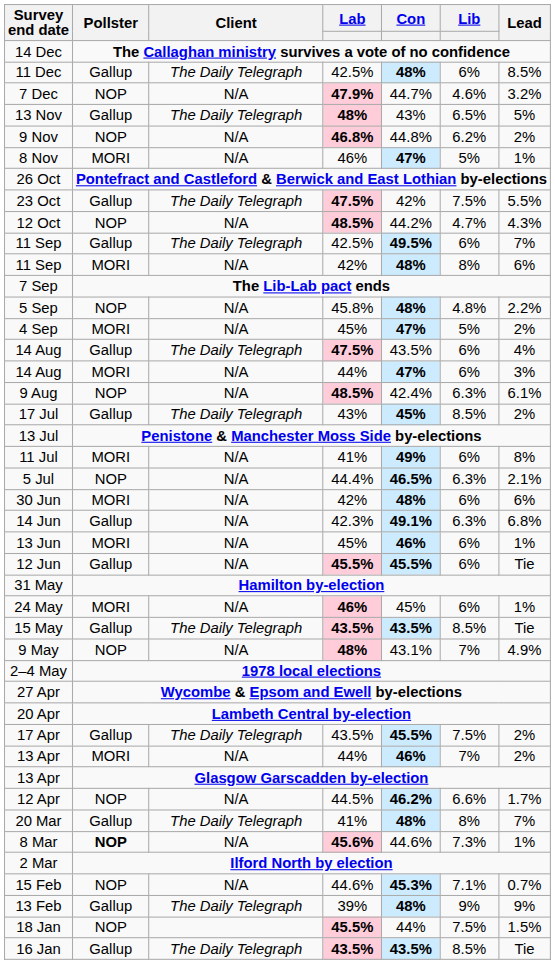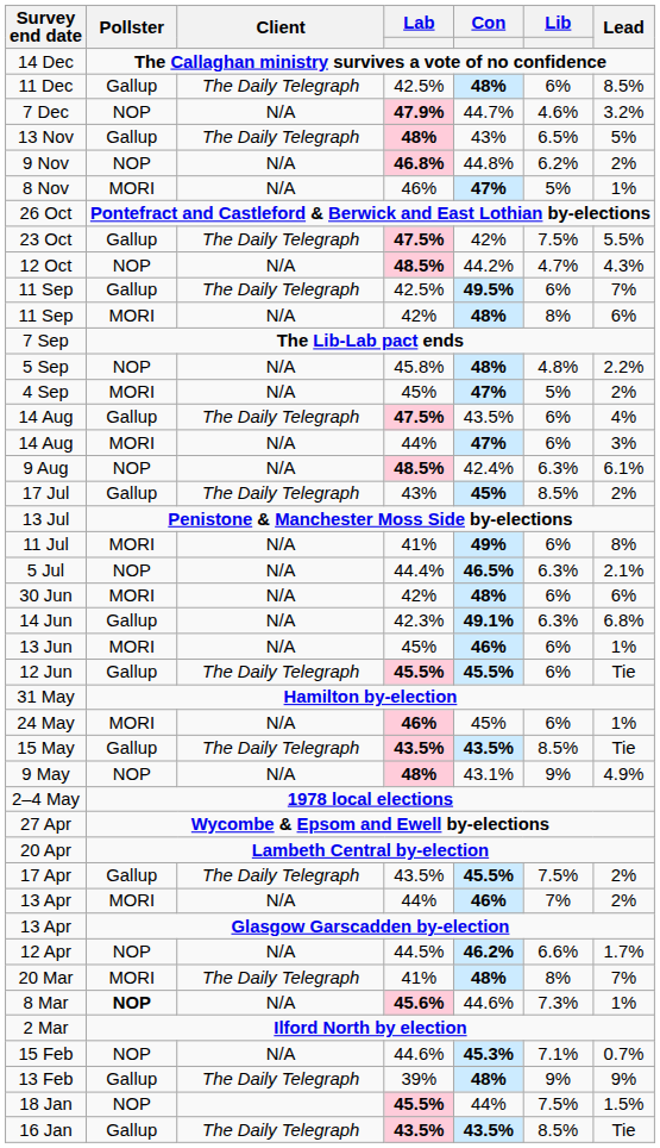 <table class="wikitable sortable mw-datatable" style="text-align:center;font-size:90%;line-height:14px;">
 <tr>
 <th rowspan="2">Survey<br>end date</th>
 <th rowspan="2">Pollster</th>
 <th rowspan="2">Client</th>
 <th class="unsortable" style="width:50px;"><a href='#'>Lab</a></th>
 <th class="unsortable" style="width:50px;"><a href='#'>Con</a></th>
 <th class="unsortable" style="width:50px;"><a href='#'>Lib</a></th>
 <th rowspan="2">Lead</th>
 </tr>
 <tr>
 <th style="background:"></th>
 <th style="background:"></th>
 <th style="background:"></th>
 </tr>
 <tr>
 <td>14 Dec</td>
 <td colspan="6"><strong>The <a href='#'>Callaghan ministry</a> survives a vote of no confidence</strong></td>
 </tr>
 <tr>
 <td>11 Dec</td>
 <td>Gallup</td>
 <td><em>The Daily Telegraph</em></td>
 <td>42.5%</td>
 <td style="background:#CCEBFF;"><strong>48%</strong></td>
 <td>6%</td>
 <td style="background:">8.5%</td>
 </tr>
 <tr>
 <td>7 Dec</td>
 <td>NOP</td>
 <td>N/A</td>
 <td style="background:#FFCCDA;"><strong>47.9%</strong></td>
 <td>44.7%</td>
 <td>4.6%</td>
 <td style="background:">3.2%</td>
 </tr>
 <tr>
 <td>13 Nov</td>
 <td>Gallup</td>
 <td><em>The Daily Telegraph</em></td>
 <td style="background:#FFCCDA;"><strong>48%</strong></td>
 <td>43%</td>
 <td>6.5%</td>
 <td style="background:">5%</td>
 </tr>
 <tr>
 <td>9 Nov</td>
 <td>NOP</td>
 <td>N/A</td>
 <td style="background:#FFCCDA;"><strong>46.8%</strong></td>
 <td>44.8%</td>
 <td>6.2%</td>
 <td style="background:">2%</td>
 </tr>
 <tr>
 <td>8 Nov</td>
 <td>MORI</td>
 <td>N/A</td>
 <td>46%</td>
 <td style="background:#CCEBFF;"><strong>47%</strong></td>
 <td>5%</td>
 <td style="background:">1%</td>
 </tr>
 <tr>
 <td>26 Oct</td>
 <td colspan="6"><strong><a href='#'>Pontefract and Castleford</a> & <a href='#'>Berwick and East Lothian</a> by-elections</strong></td>
 </tr>
 <tr>
 <td>23 Oct</td>
 <td>Gallup</td>
 <td><em>The Daily Telegraph</em></td>
 <td style="background:#FFCCDA;"><strong>47.5%</strong></td>
 <td>42%</td>
 <td>7.5%</td>
 <td style="background:">5.5%</td>
 </tr>
 <tr>
 <td>12 Oct</td>
 <td>NOP</td>
 <td>N/A</td>
 <td style="background:#FFCCDA;"><strong>48.5%</strong></td>
 <td>44.2%</td>
 <td>4.7%</td>
 <td style="background:">4.3%</td>
 </tr>
 <tr>
 <td>11 Sep</td>
 <td>Gallup</td>
 <td><em>The Daily Telegraph</em></td>
 <td>42.5%</td>
 <td style="background:#CCEBFF;"><strong>49.5%</strong></td>
 <td>6%</td>
 <td style="background:">7%</td>
 </tr>
 <tr>
 <td>11 Sep</td>
 <td>MORI</td>
 <td>N/A</td>
 <td>42%</td>
 <td style="background:#CCEBFF;"><strong>48%</strong></td>
 <td>8%</td>
 <td style="background:">6%</td>
 </tr>
 <tr>
 <td>7 Sep</td>
 <td colspan="6"><strong>The <a href='#'>Lib-Lab pact</a> ends</strong></td>
 </tr>
 <tr>
 <td>5 Sep</td>
 <td>NOP</td>
 <td>N/A</td>
 <td>45.8%</td>
 <td style="background:#CCEBFF;"><strong>48%</strong></td>
 <td>4.8%</td>
 <td style="background:">2.2%</td>
 </tr>
 <tr>
 <td>4 Sep</td>
 <td>MORI</td>
 <td>N/A</td>
 <td>45%</td>
 <td style="background:#CCEBFF;"><strong>47%</strong></td>
 <td>5%</td>
 <td style="background:">2%</td>
 </tr>
 <tr>
 <td>14 Aug</td>
 <td>Gallup</td>
 <td><em>The Daily Telegraph</em></td>
 <td style="background:#FFCCDA;"><strong>47.5%</strong></td>
 <td>43.5%</td>
 <td>6%</td>
 <td style="background:">4%</td>
 </tr>
 <tr>
 <td>14 Aug</td>
 <td>MORI</td>
 <td>N/A</td>
 <td>44%</td>
 <td style="background:#CCEBFF;"><strong>47%</strong></td>
 <td>6%</td>
 <td style="background:">3%</td>
 </tr>
 <tr>
 <td>9 Aug</td>
 <td>NOP</td>
 <td>N/A</td>
 <td style="background:#FFCCDA;"><strong>48.5%</strong></td>
 <td>42.4%</td>
 <td>6.3%</td>
 <td style="background:">6.1%</td>
 </tr>
 <tr>
 <td>17 Jul</td>
 <td>Gallup</td>
 <td><em>The Daily Telegraph</em></td>
 <td>43%</td>
 <td style="background:#CCEBFF;"><strong>45%</strong></td>
 <td>8.5%</td>
 <td style="background:">2%</td>
 </tr>
 <tr>
 <td>13 Jul</td>
 <td colspan="6"><strong><a href='#'>Penistone</a> & <a href='#'>Manchester Moss Side</a> by-elections</strong></td>
 </tr>
 <tr>
 <td>11 Jul</td>
 <td>MORI</td>
 <td>N/A</td>
 <td>41%</td>
 <td style="background:#CCEBFF;"><strong>49%</strong></td>
 <td>6%</td>
 <td style="background:">8%</td>
 </tr>
 <tr>
 <td>5 Jul</td>
 <td>NOP</td>
 <td>N/A</td>
 <td>44.4%</td>
 <td style="background:#CCEBFF;"><strong>46.5%</strong></td>
 <td>6.3%</td>
 <td style="background:">2.1%</td>
 </tr>
 <tr>
 <td>30 Jun</td>
 <td>MORI</td>
 <td>N/A</td>
 <td>42%</td>
 <td style="background:#CCEBFF;"><strong>48%</strong></td>
 <td>6%</td>
 <td style="background:">6%</td>
 </tr>
 <tr>
 <td>14 Jun</td>
 <td>Gallup</td>
 <td>N/A</td>
 <td>42.3%</td>
 <td style="background:#CCEBFF;"><strong>49.1%</strong></td>
 <td>6.3%</td>
 <td style="background:">6.8%</td>
 </tr>
 <tr>
 <td>13 Jun</td>
 <td>MORI</td>
 <td>N/A</td>
 <td>45%</td>
 <td style="background:#CCEBFF;"><strong>46%</strong></td>
 <td>6%</td>
 <td style="background:">1%</td>
 </tr>
 <tr>
 <td>12 Jun</td>
 <td>Gallup</td>
-<td>N/A</td>
+<td><em>The Daily Telegraph</em></td>
 <td style="background:#FFCCDA;"><strong>45.5%</strong></td>
 <td style="background:#CCEBFF;"><strong>45.5%</strong></td>
 <td>6%</td>
 <td>Tie</td>
 </tr>
 <tr>
 <td>31 May</td>
 <td colspan="6"><strong><a href='#'>Hamilton by-election</a></strong></td>
 </tr>
 <tr>
 <td>24 May</td>
 <td>MORI</td>
 <td>N/A</td>
 <td style="background:#FFCCDA;"><strong>46%</strong></td>
 <td>45%</td>
 <td>6%</td>
 <td style="background:">1%</td>
 </tr>
 <tr>
 <td>15 May</td>
 <td>Gallup</td>
 <td><em>The Daily Telegraph</em></td>
 <td style="background:#FFCCDA;"><strong>43.5%</strong></td>
 <td style="background:#CCEBFF;"><strong>43.5%</strong></td>
 <td>8.5%</td>
 <td>Tie</td>
 </tr>
 <tr>
 <td>9 May</td>
 <td>NOP</td>
 <td>N/A</td>
 <td style="background:#FFCCDA;"><strong>48%</strong></td>
 <td>43.1%</td>
-<td>7%</td>
+<td>9%</td>
 <td style="background:">4.9%</td>
 </tr>
 <tr>
 <td>2–4 May</td>
 <td colspan="6"><strong><a href='#'>1978 local elections</a></strong></td>
 </tr>
 <tr>
 <td>27 Apr</td>
 <td colspan="6"><strong><a href='#'>Wycombe</a> & <a href='#'>Epsom and Ewell</a> by-elections</strong></td>
 </tr>
 <tr>
 <td>20 Apr</td>
 <td colspan="6"><a href='#'><strong>Lambeth Central by-election</strong></a></td>
 </tr>
 <tr>
 <td>17 Apr</td>
 <td>Gallup</td>
 <td><em>The Daily Telegraph</em></td>
 <td>43.5%</td>
 <td style="background:#CCEBFF;"><strong>45.5%</strong></td>
 <td>7.5%</td>
 <td style="background:">2%</td>
 </tr>
 <tr>
 <td>13 Apr</td>
 <td>MORI</td>
 <td>N/A</td>
 <td>44%</td>
 <td style="background:#CCEBFF;"><strong>46%</strong></td>
 <td>7%</td>
 <td style="background:">2%</td>
 </tr>
 <tr>
 <td>13 Apr</td>
 <td colspan="6"><a href='#'><strong>Glasgow Garscadden by-election</strong></a></td>
 </tr>
 <tr>
 <td>12 Apr</td>
 <td>NOP</td>
 <td>N/A</td>
 <td>44.5%</td>
 <td style="background:#CCEBFF;"><strong>46.2%</strong></td>
 <td>6.6%</td>
 <td style="background:">1.7%</td>
 </tr>
 <tr>
 <td>20 Mar</td>
-<td>Gallup</td>
+<td>MORI</td>
 <td><em>The Daily Telegraph</em></td>
 <td>41%</td>
 <td style="background:#CCEBFF;"><strong>48%</strong></td>
 <td>8%</td>
 <td style="background:">7%</td>
 </tr>
 <tr>
 <td>8 Mar</td>
 <td><strong>NOP</strong></td>
 <td>N/A</td>
 <td style="background:#FFCCDA;"><strong>45.6%</strong></td>
 <td>44.6%</td>
 <td>7.3%</td>
 <td style="background:">1%</td>
 </tr>
 <tr>
 <td>2 Mar</td>
 <td colspan="6"><a href='#'><strong>Ilford North by election</strong></a></td>
 </tr>
 <tr>
 <td>15 Feb</td>
 <td>NOP</td>
 <td>N/A</td>
 <td>44.6%</td>
 <td style="background:#CCEBFF;"><strong>45.3%</strong></td>
 <td>7.1%</td>
 <td style="background:">0.7%</td>
 </tr>
 <tr>
 <td>13 Feb</td>
 <td>Gallup</td>
 <td><em>The Daily Telegraph</em></td>
 <td>39%</td>
 <td style="background:#CCEBFF;"><strong>48%</strong></td>
 <td>9%</td>
 <td style="background:">9%</td>
 </tr>
 <tr>
 <td>18 Jan</td>
 <td>NOP</td>
 <td></td>
 <td style="background:#FFCCDA;"><strong>45.5%</strong></td>
 <td>44%</td>
 <td>7.5%</td>
 <td style="background:">1.5%</td>
 </tr>
 <tr>
 <td>16 Jan</td>
 <td>Gallup</td>
 <td><em>The Daily Telegraph</em></td>
 <td style="background:#FFCCDA;"><strong>43.5%</strong></td>
 <td style="background:#CCEBFF;"><strong>43.5%</strong></td>
 <td>8.5%</td>
 <td>Tie</td>
 </tr>
 </table>
